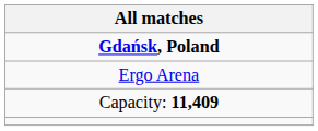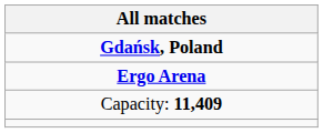 <table class="wikitable" style="text-align:center" width=280>
 <tr>
 <th>All matches</th>
 </tr>
 <tr>
 <td><strong><a href='#'>Gdańsk</a>, Poland</strong></td>
 </tr>
 <tr>
-<td><a href='#'>Ergo Arena</a></td>
+<td><strong><a href='#'>Ergo Arena</a></strong></td>
 </tr>
 <tr>
 <td>Capacity: <strong>11,409</strong></td>
 </tr>
 <tr>
 <td></td>
 </tr>
 </table>
